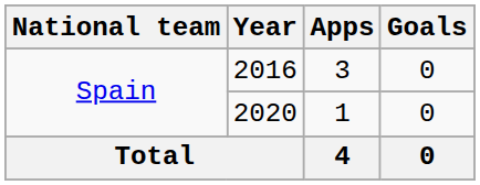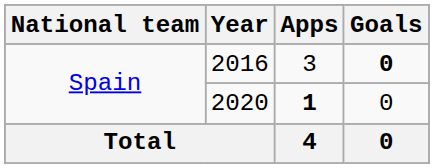 <table class=wikitable style=text-align:center>
 <tr>
 <th>National team</th>
 <th>Year</th>
 <th>Apps</th>
 <th>Goals</th>
 </tr>
 <tr>
 <td rowspan="2"><a href='#'>Spain</a></td>
 <td>2016</td>
 <td>3</td>
-<td>0</td>
+<td><strong>0</strong></td>
 </tr>
 <tr>
 <td>2020</td>
-<td>1</td>
+<td><strong>1</strong></td>
 <td>0</td>
 </tr>
 <tr>
 <th colspan=2>Total</th>
 <th>4</th>
 <th>0</th>
 </tr>
 </table>
